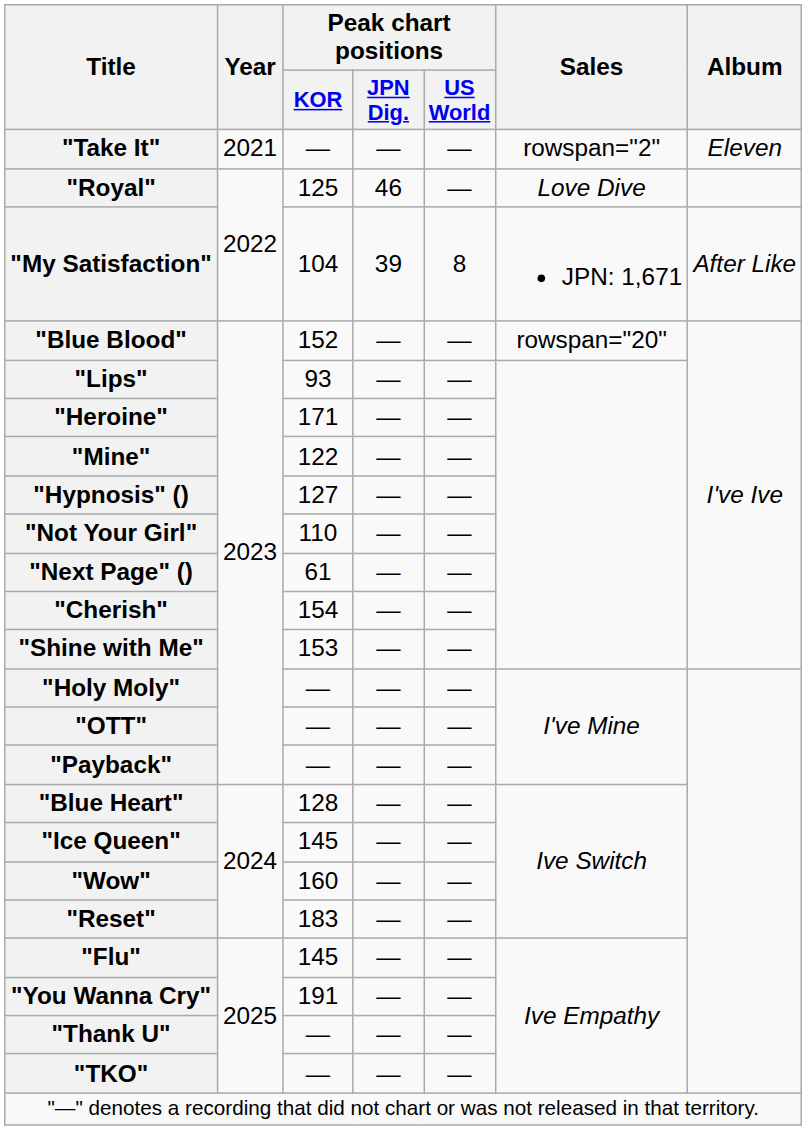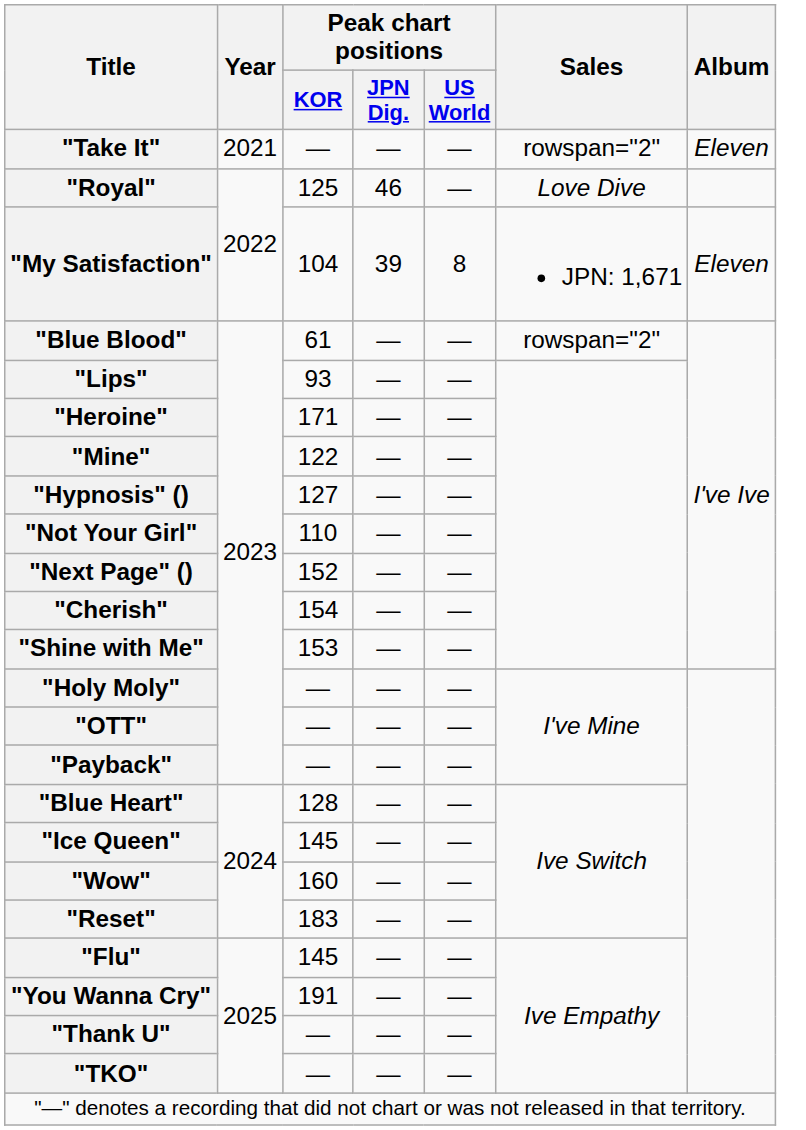 <table class="wikitable plainrowheaders" style="text-align:center">
 <tr>
 <th scope="col" rowspan="2">Title</th>
 <th scope="col" rowspan="2">Year</th>
 <th scope="col" colspan="3">Peak chart positions</th>
 <th scope="col" rowspan="2">Sales</th>
 <th scope="col" rowspan="2">Album</th>
 </tr>
 <tr>
 <th scope="col" style="font-size:90%; width:2.75em"><a href='#'>KOR</a><br></th>
 <th scope="col" style="font-size:90%; width:2.75em"><a href='#'>JPN<br>Dig.</a><br></th>
 <th scope="col" style="font-size:90%; width:2.75em"><a href='#'>US<br>World</a><br></th>
 </tr>
 <tr>
 <th scope="row">"Take It"</th>
 <td>2021</td>
 <td>—</td>
 <td>—</td>
 <td>—</td>
 <td>rowspan="2" </td>
 <td><em>Eleven</em></td>
 </tr>
 <tr>
 <th scope="row">"Royal"</th>
 <td rowspan="2">2022</td>
 <td>125</td>
 <td>46</td>
 <td>—</td>
 <td><em>Love Dive</em></td>
 </tr>
 <tr>
 <th scope="row">"My Satisfaction"</th>
 <td>104</td>
 <td>39</td>
 <td>8</td>
 <td><br><ul><li>JPN: 1,671 </li></ul></td>
-<td><em>After Like</em></td>
+<td><em>Eleven</em></td>
 </tr>
 <tr>
 <th scope="row">"Blue Blood"</th>
 <td rowspan="12">2023</td>
-<td>152</td>
+<td>61</td>
 <td>—</td>
 <td>—</td>
-<td>rowspan="20" </td>
+<td>rowspan="2" </td>
 <td rowspan="9"><em>I've Ive</em></td>
 </tr>
 <tr>
 <th scope="row">"Lips"</th>
 <td>93</td>
 <td>—</td>
 <td>—</td>
 </tr>
 <tr>
 <th scope="row">"Heroine"</th>
 <td>171</td>
 <td>—</td>
 <td>—</td>
 </tr>
 <tr>
 <th scope="row">"Mine"</th>
 <td>122</td>
 <td>—</td>
 <td>—</td>
 </tr>
 <tr>
 <th scope="row">"Hypnosis" ()</th>
 <td>127</td>
 <td>—</td>
 <td>—</td>
 </tr>
 <tr>
 <th scope="row">"Not Your Girl"</th>
 <td>110</td>
 <td>—</td>
 <td>—</td>
 </tr>
 <tr>
 <th scope="row">"Next Page" ()</th>
-<td>61</td>
+<td>152</td>
 <td>—</td>
 <td>—</td>
 </tr>
 <tr>
 <th scope="row">"Cherish"</th>
 <td>154</td>
 <td>—</td>
 <td>—</td>
 </tr>
 <tr>
 <th scope="row">"Shine with Me"</th>
 <td>153</td>
 <td>—</td>
 <td>—</td>
 </tr>
 <tr>
 <th scope="row">"Holy Moly"</th>
 <td>—</td>
 <td>—</td>
 <td>—</td>
 <td rowspan="3"><em>I've Mine</em></td>
 </tr>
 <tr>
 <th scope="row">"OTT"</th>
 <td>—</td>
 <td>—</td>
 <td>—</td>
 </tr>
 <tr>
 <th scope="row">"Payback"</th>
 <td>—</td>
 <td>—</td>
 <td>—</td>
 </tr>
 <tr>
 <th scope="row">"Blue Heart"</th>
 <td rowspan="4">2024</td>
 <td>128</td>
 <td>—</td>
 <td>—</td>
 <td rowspan="4"><em>Ive Switch</em></td>
 </tr>
 <tr>
 <th scope="row">"Ice Queen"</th>
 <td>145</td>
 <td>—</td>
 <td>—</td>
 </tr>
 <tr>
 <th scope="row">"Wow"</th>
 <td>160</td>
 <td>—</td>
 <td>—</td>
 </tr>
 <tr>
 <th scope="row">"Reset"</th>
 <td>183</td>
 <td>—</td>
 <td>—</td>
 </tr>
 <tr>
 <th scope="row">"Flu"</th>
 <td rowspan="4">2025</td>
 <td>145</td>
 <td>—</td>
 <td>—</td>
 <td rowspan="4"><em>Ive Empathy</em></td>
 </tr>
 <tr>
 <th scope="row">"You Wanna Cry"</th>
 <td>191</td>
 <td>—</td>
 <td>—</td>
 </tr>
 <tr>
 <th scope="row">"Thank U"</th>
 <td>—</td>
 <td>—</td>
 <td>—</td>
 </tr>
 <tr>
 <th scope="row">"TKO"</th>
 <td>—</td>
 <td>—</td>
 <td>—</td>
 </tr>
 <tr>
 <td colspan="7" style="font-size:85%">"—" denotes a recording that did not chart or was not released in that territory.</td>
 </tr>
 </table>
